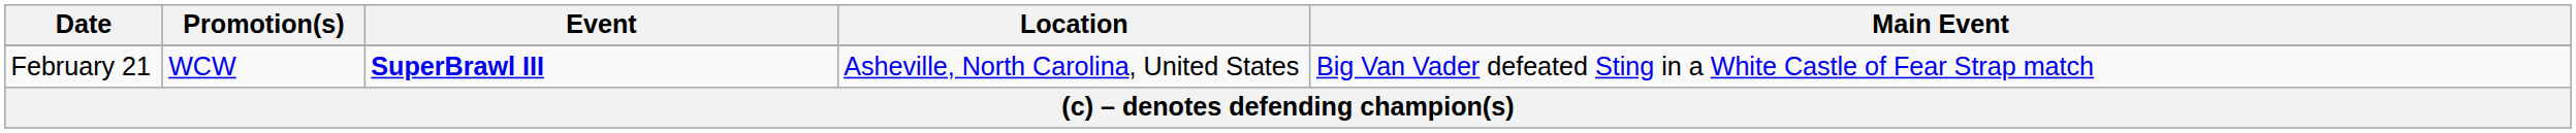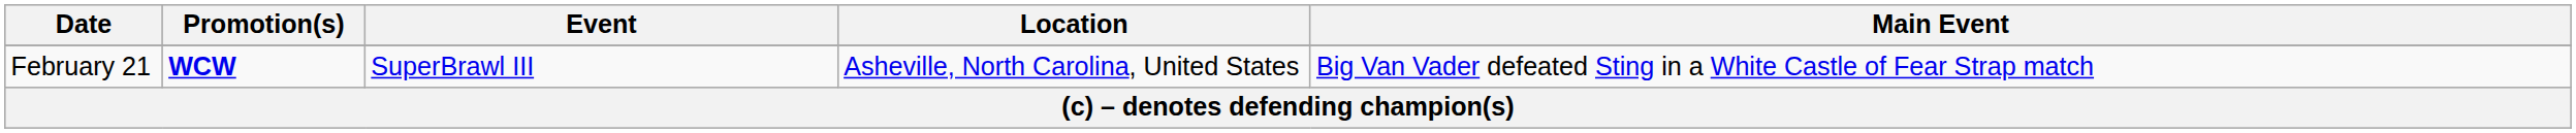 <table class="wikitable" style="width:100%;">
 <tr>
 <th width="5%">Date</th>
 <th width="5%">Promotion(s)</th>
 <th style="width:15%;">Event</th>
 <th style="width:15%;">Location</th>
 <th style="width:40%;">Main Event</th>
 </tr>
 <tr style="width:20%;" |Notes>
 </tr>
 <tr>
 <td>February 21</td>
-<td><a href='#'>WCW</a></td>
-<td><strong><a href='#'>SuperBrawl III</a></strong></td>
+<td><strong><a href='#'>WCW</a></strong></td>
+<td><a href='#'>SuperBrawl III</a></td>
 <td><a href='#'>Asheville, North Carolina</a>, United States</td>
 <td><a href='#'>Big Van Vader</a> defeated <a href='#'>Sting</a> in a <a href='#'>White Castle of Fear Strap match</a></td>
 </tr>
 <tr>
 <th colspan="6">(c) – denotes defending champion(s)</th>
 </tr>
 </table>
